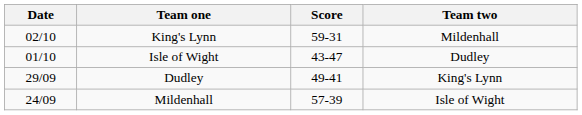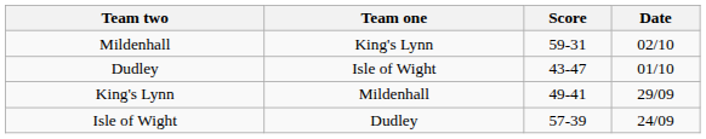 <table class="wikitable" style="text-align: center">
 <tr>
-<th width=80>Date</th>
+<th width=250>Team two</th>
 <th width=250>Team one</th>
 <th width=80>Score</th>
-<th width=250>Team two</th>
+<th width=80>Date</th>
 </tr>
 <tr>
-<td>02/10</td>
+<td>Mildenhall</td>
 <td>King's Lynn</td>
 <td>59-31</td>
-<td>Mildenhall</td>
+<td>02/10</td>
 </tr>
 <tr>
-<td>01/10</td>
+<td>Dudley</td>
 <td>Isle of Wight</td>
 <td>43-47</td>
-<td>Dudley</td>
+<td>01/10</td>
 </tr>
 <tr>
+<td>King's Lynn</td>
+<td>Mildenhall</td>
+<td>49-41</td>
 <td>29/09</td>
-<td>Dudley</td>
-<td>49-41</td>
-<td>King's Lynn</td>
 </tr>
 <tr>
+<td>Isle of Wight</td>
+<td>Dudley</td>
+<td>57-39</td>
 <td>24/09</td>
-<td>Mildenhall</td>
-<td>57-39</td>
-<td>Isle of Wight</td>
 </tr>
 </table>
